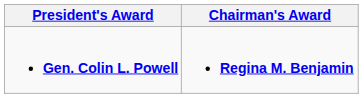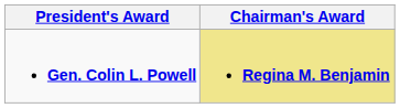 <table class="wikitable">
 <tr>
 <th style="width=50%"><a href='#'>President's Award</a></th>
 <th><a href='#'>Chairman's Award</a></th>
 </tr>
 <tr>
 <td width="50%" style="vertical-align:top"><br><ul><li><strong><a href='#'>Gen. Colin L. Powell</a></strong></li></ul></td>
-<td><br><ul><li><strong><a href='#'>Regina M. Benjamin</a></strong></li></ul></td>
+<td style="background: khaki;"><br><ul><li><strong><a href='#'>Regina M. Benjamin</a></strong></li></ul></td>
 </tr>
 </table>
